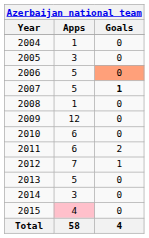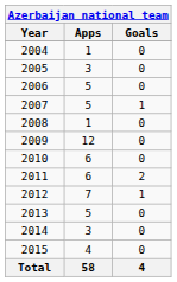 <table class="wikitable" style="text-align:center">
 <tr>
 <th colspan=3><a href='#'>Azerbaijan national team</a></th>
 </tr>
 <tr>
 <th>Year</th>
 <th>Apps</th>
 <th>Goals</th>
 </tr>
 <tr>
 </tr>
 <tr>
 <td>2004</td>
 <td>1</td>
 <td>0</td>
 </tr>
 <tr>
 <td>2005</td>
 <td>3</td>
 <td>0</td>
 </tr>
 <tr>
 <td>2006</td>
 <td>5</td>
-<td style="background: lightsalmon;">0</td>
+<td>0</td>
 </tr>
 <tr>
 <td>2007</td>
 <td>5</td>
-<td><strong>1</strong></td>
+<td>1</td>
 </tr>
 <tr>
 <td>2008</td>
 <td>1</td>
 <td>0</td>
 </tr>
 <tr>
 <td>2009</td>
 <td>12</td>
 <td>0</td>
 </tr>
 <tr>
 <td>2010</td>
 <td>6</td>
 <td>0</td>
 </tr>
 <tr>
 <td>2011</td>
 <td>6</td>
 <td>2</td>
 </tr>
 <tr>
 <td>2012</td>
 <td>7</td>
 <td>1</td>
 </tr>
 <tr>
 <td>2013</td>
 <td>5</td>
 <td>0</td>
 </tr>
 <tr>
 <td>2014</td>
 <td>3</td>
 <td>0</td>
 </tr>
 <tr>
 <td>2015</td>
-<td style="background: pink;">4</td>
+<td>4</td>
 <td>0</td>
 </tr>
 <tr>
 <th>Total</th>
 <th>58</th>
 <th>4</th>
 </tr>
 </table>
